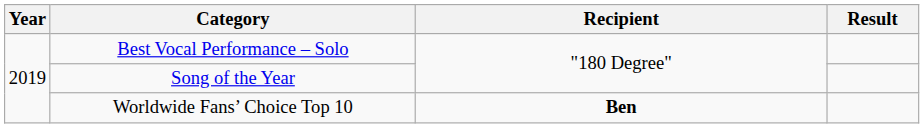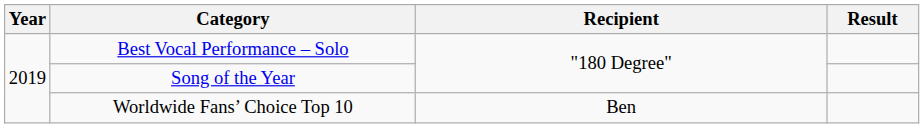 <table class="wikitable" style="text-align:center">
 <tr>
 <th width="5%">Year</th>
 <th width="40%">Category</th>
 <th width="45%">Recipient</th>
 <th width="10%">Result</th>
 </tr>
 <tr>
 <td rowspan="3">2019</td>
 <td><a href='#'>Best Vocal Performance – Solo</a></td>
 <td rowspan="2">"180 Degree"</td>
 <td></td>
 </tr>
 <tr>
 <td><a href='#'>Song of the Year</a></td>
 <td></td>
 </tr>
 <tr>
 <td>Worldwide Fans’ Choice Top 10</td>
-<td><strong>Ben</strong></td>
+<td>Ben</td>
 <td></td>
 </tr>
 </table>
